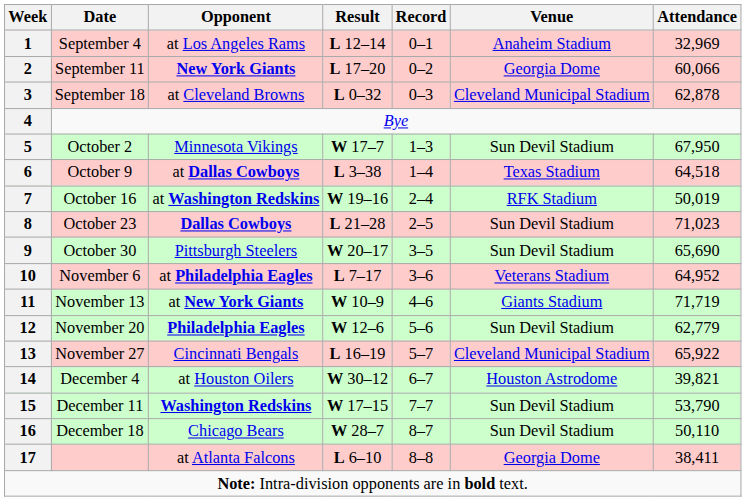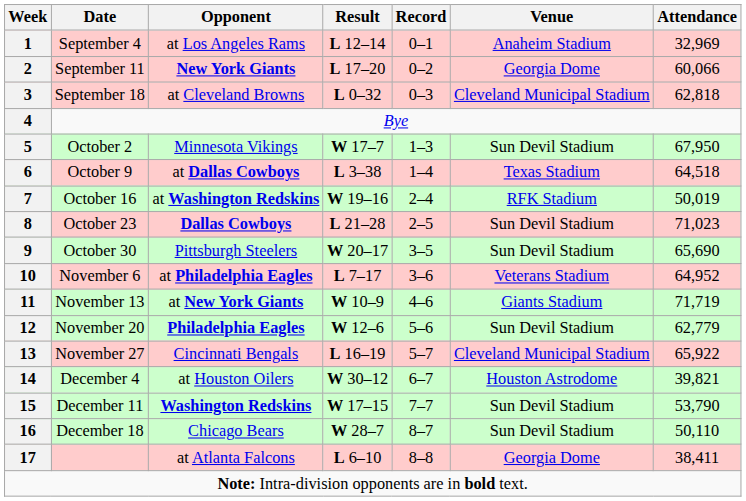 <table class="wikitable" style="text-align:center">
 <tr>
 <th>Week</th>
 <th>Date</th>
 <th>Opponent</th>
 <th>Result</th>
 <th>Record</th>
 <th>Venue</th>
 <th>Attendance</th>
 </tr>
 <tr style="background:#fcc">
 <th>1</th>
 <td>September 4</td>
 <td>at <a href='#'>Los Angeles Rams</a></td>
 <td><strong>L</strong> 12–14</td>
 <td>0–1</td>
 <td><a href='#'>Anaheim Stadium</a></td>
 <td>32,969</td>
 </tr>
 <tr style="background:#fcc">
 <th>2</th>
 <td>September 11</td>
 <td><strong><a href='#'>New York Giants</a></strong></td>
 <td><strong>L</strong> 17–20</td>
 <td>0–2</td>
 <td><a href='#'>Georgia Dome</a></td>
 <td>60,066</td>
 </tr>
 <tr style="background:#fcc">
 <th>3</th>
 <td>September 18</td>
 <td>at <a href='#'>Cleveland Browns</a></td>
 <td><strong>L</strong> 0–32</td>
 <td>0–3</td>
 <td><a href='#'>Cleveland Municipal Stadium</a></td>
-<td>62,878</td>
+<td>62,818</td>
 </tr>
 <tr>
 <th>4</th>
 <td colspan=6 align="center"><em><a href='#'>Bye</a></em></td>
 </tr>
 <tr style="background:#cfc">
 <th>5</th>
 <td>October 2</td>
 <td><a href='#'>Minnesota Vikings</a></td>
 <td><strong>W</strong> 17–7</td>
 <td>1–3</td>
 <td>Sun Devil Stadium</td>
 <td>67,950</td>
 </tr>
 <tr style="background:#fcc">
 <th>6</th>
 <td>October 9</td>
 <td>at <strong><a href='#'>Dallas Cowboys</a></strong></td>
 <td><strong>L</strong> 3–38</td>
 <td>1–4</td>
 <td><a href='#'>Texas Stadium</a></td>
 <td>64,518</td>
 </tr>
 <tr style="background:#cfc">
 <th>7</th>
 <td>October 16</td>
 <td>at <strong><a href='#'>Washington Redskins</a></strong></td>
 <td><strong>W</strong> 19–16 </td>
 <td>2–4</td>
 <td><a href='#'>RFK Stadium</a></td>
 <td>50,019</td>
 </tr>
 <tr style="background:#fcc">
 <th>8</th>
 <td>October 23</td>
 <td><strong><a href='#'>Dallas Cowboys</a></strong></td>
 <td><strong>L</strong> 21–28</td>
 <td>2–5</td>
 <td>Sun Devil Stadium</td>
 <td>71,023</td>
 </tr>
 <tr style="background:#cfc">
 <th>9</th>
 <td>October 30</td>
 <td><a href='#'>Pittsburgh Steelers</a></td>
 <td><strong>W</strong> 20–17 </td>
 <td>3–5</td>
 <td>Sun Devil Stadium</td>
 <td>65,690</td>
 </tr>
 <tr style="background:#fcc">
 <th>10</th>
 <td>November 6</td>
 <td>at <strong><a href='#'>Philadelphia Eagles</a></strong></td>
 <td><strong>L</strong> 7–17</td>
 <td>3–6</td>
 <td><a href='#'>Veterans Stadium</a></td>
 <td>64,952</td>
 </tr>
 <tr style="background:#cfc">
 <th>11</th>
 <td>November 13</td>
 <td>at <strong><a href='#'>New York Giants</a></strong></td>
 <td><strong>W</strong> 10–9</td>
 <td>4–6</td>
 <td><a href='#'>Giants Stadium</a></td>
 <td>71,719</td>
 </tr>
 <tr style="background:#cfc">
 <th>12</th>
 <td>November 20</td>
 <td><strong><a href='#'>Philadelphia Eagles</a></strong></td>
 <td><strong>W</strong> 12–6</td>
 <td>5–6</td>
 <td>Sun Devil Stadium</td>
 <td>62,779</td>
 </tr>
 <tr style="background:#fcc">
 <th>13</th>
 <td>November 27</td>
 <td><a href='#'>Cincinnati Bengals</a></td>
 <td><strong>L</strong> 16–19 </td>
 <td>5–7</td>
 <td><a href='#'>Cleveland Municipal Stadium</a></td>
 <td>65,922</td>
 </tr>
 <tr style="background:#cfc">
 <th>14</th>
 <td>December 4</td>
 <td>at <a href='#'>Houston Oilers</a></td>
 <td><strong>W</strong> 30–12</td>
 <td>6–7</td>
 <td><a href='#'>Houston Astrodome</a></td>
 <td>39,821</td>
 </tr>
 <tr style="background:#cfc">
 <th>15</th>
 <td>December 11</td>
 <td><strong><a href='#'>Washington Redskins</a></strong></td>
 <td><strong>W</strong> 17–15</td>
 <td>7–7</td>
 <td>Sun Devil Stadium</td>
 <td>53,790</td>
 </tr>
 <tr style="background:#cfc">
 <th>16</th>
 <td>December 18</td>
 <td><a href='#'>Chicago Bears</a></td>
 <td><strong>W</strong> 28–7</td>
 <td>8–7</td>
 <td>Sun Devil Stadium</td>
 <td>50,110</td>
 </tr>
 <tr style="background:#fcc">
 <th>17</th>
 <td></td>
 <td>at <a href='#'>Atlanta Falcons</a></td>
 <td><strong>L</strong> 6–10</td>
 <td>8–8</td>
 <td><a href='#'>Georgia Dome</a></td>
 <td>38,411</td>
 </tr>
 <tr>
 <td colspan="8"><strong>Note:</strong> Intra-division opponents are in <strong>bold</strong> text.</td>
 </tr>
 </table>
